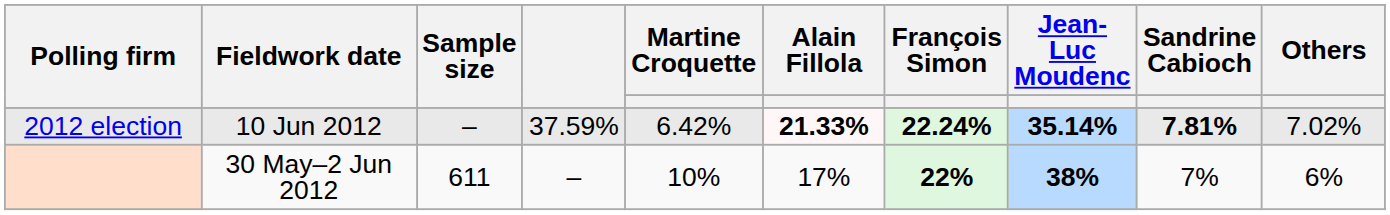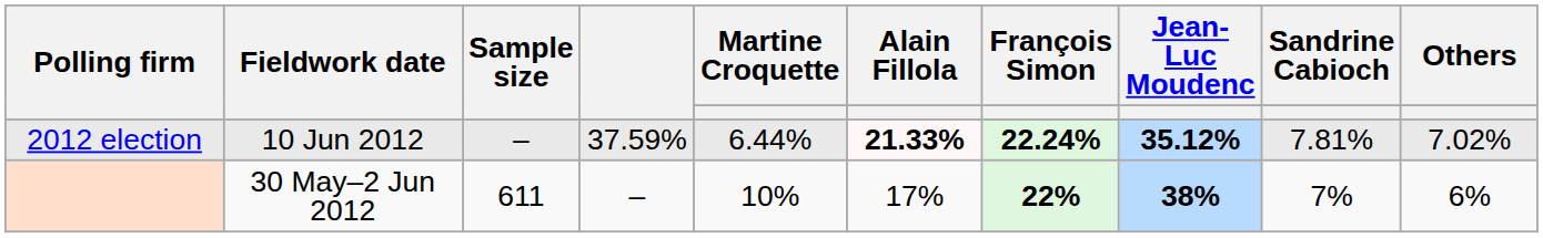 <table class="wikitable sortable" style="text-align:center;font-size:90%;line-height:14px;">
 <tr style="height:40px;">
 <th style="width:100px;" rowspan="2">Polling firm</th>
 <th style="width:110px;" rowspan="2">Fieldwork date</th>
 <th style="width:35px;" rowspan="2">Sample<br>size</th>
 <th style="width:30px;" rowspan="2"></th>
 <th class="unsortable" style="width:60px;">Martine Croquette<br></th>
 <th class="unsortable" style="width:60px;">Alain Fillola<br></th>
 <th class="unsortable" style="width:60px;">François Simon<br></th>
 <th class="unsortable" style="width:60px;"><a href='#'>Jean-Luc Moudenc</a><br></th>
 <th class="unsortable" style="width:60px;">Sandrine Cabioch<br></th>
 <th class="unsortable" style="width:60px;">Others</th>
 </tr>
 <tr>
 <th style="background:"></th>
 <th style="background:"></th>
 <th style="background:"></th>
 <th style="background:"></th>
 <th style="background:"></th>
 <th style="background:"></th>
 </tr>
 <tr style="background:#E9E9E9;">
 <td><a href='#'>2012 election</a></td>
 <td data-sort-value="2012-06-10">10 Jun 2012</td>
 <td>–</td>
 <td>37.59%</td>
-<td>6.42%</td>
+<td>6.44%</td>
 <td style="background:#FFF7F7;"><strong>21.33%</strong></td>
 <td style="background:#DEF7DE;"><strong>22.24%</strong></td>
-<td style="background:#B9DAFF;"><strong>35.14%</strong></td>
-<td><strong>7.81%</strong></td>
+<td style="background:#B9DAFF;"><strong>35.12%</strong></td>
+<td>7.81%</td>
 <td>7.02%</td>
 </tr>
 <tr>
 <td style="background:#FFDFCC;"></td>
 <td data-sort-value="2012-06-02">30 May–2 Jun 2012</td>
 <td>611</td>
 <td>–</td>
 <td>10%</td>
 <td>17%</td>
 <td style="background:#DEF7DE;"><strong>22%</strong></td>
 <td style="background:#B9DAFF;"><strong>38%</strong></td>
 <td>7%</td>
 <td>6%</td>
 </tr>
 </table>
